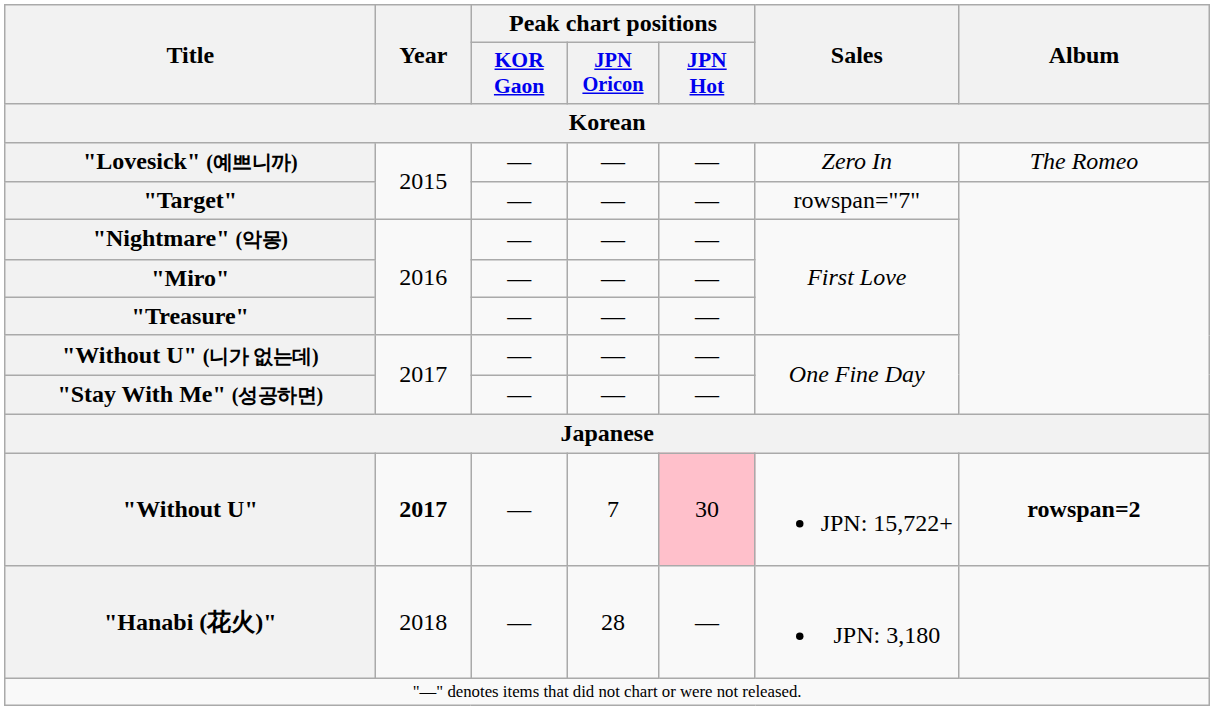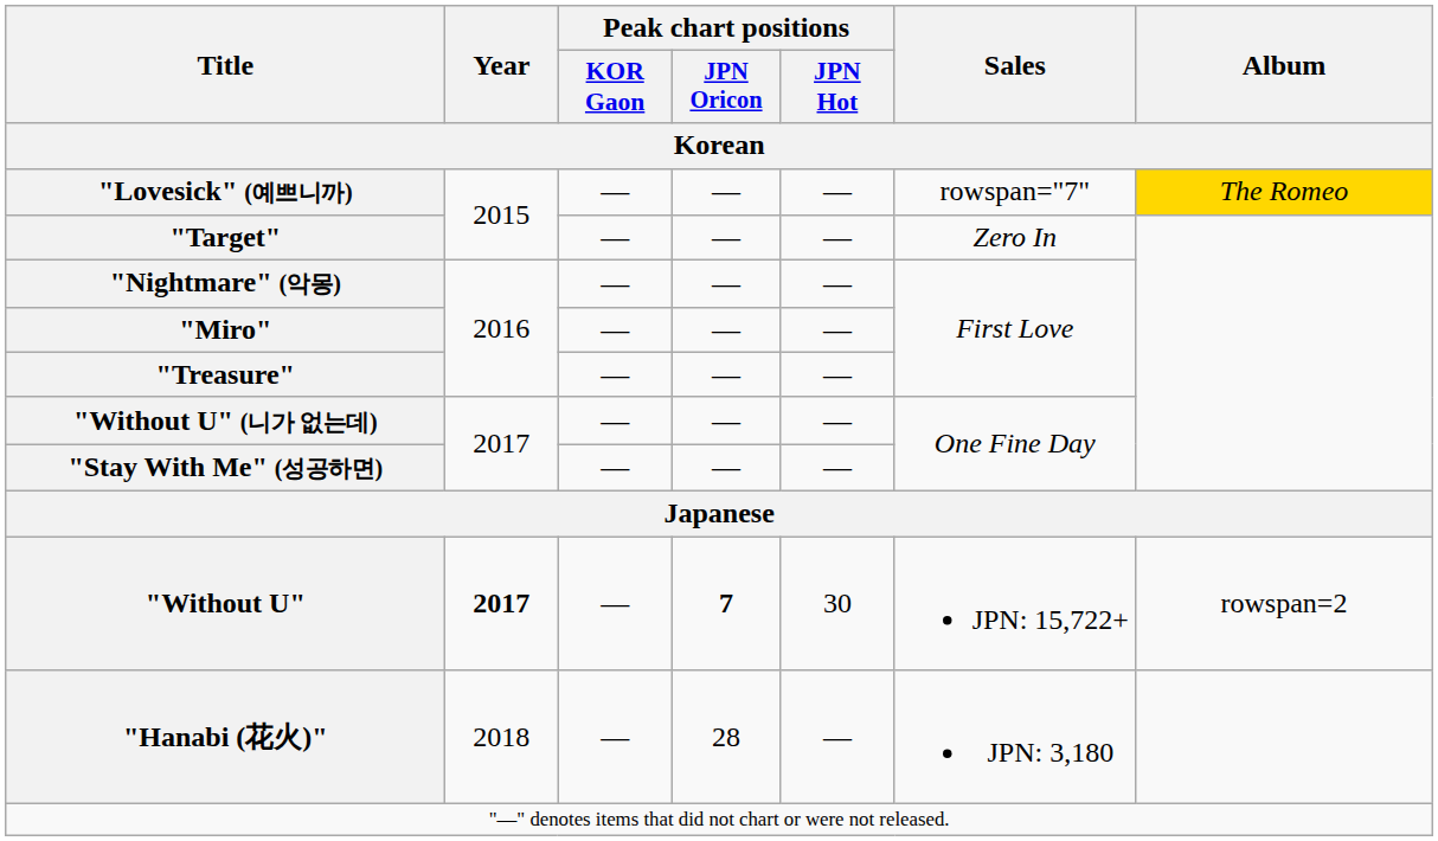 <table class="wikitable plainrowheaders" style="text-align:center;" border="1">
 <tr>
 <th scope="col" rowspan="2" style="width:15em;">Title</th>
 <th scope="col" rowspan="2" style="width: 3.5em;">Year</th>
 <th scope="col" colspan="3">Peak chart positions</th>
 <th scope="col" rowspan="2">Sales</th>
 <th scope="col" rowspan="2" style="width:10em;">Album</th>
 </tr>
 <tr>
 <th style="width:4em;font-size:90%"><a href='#'>KOR<br>Gaon</a></th>
 <th scope="col" style="width:4em;font-size:85%;"><a href='#'>JPN<br>Oricon</a></th>
 <th style="width:4em;font-size:90%"><a href='#'>JPN<br>Hot</a></th>
 </tr>
 <tr>
 <th colspan="8">Korean</th>
 </tr>
 <tr>
 <th scope="row">"Lovesick" <small>(예쁘니까)</small></th>
 <td rowspan="2">2015</td>
 <td>—</td>
 <td>—</td>
 <td>—</td>
-<td><em>Zero In</em></td>
-<td><em>The Romeo</em></td>
+<td>rowspan="7" </td>
+<td style="background: gold;"><em>The Romeo</em></td>
 </tr>
 <tr>
 <th scope="row">"Target"</th>
 <td>—</td>
 <td>—</td>
 <td>—</td>
-<td>rowspan="7" </td>
+<td><em>Zero In</em></td>
 </tr>
 <tr>
 <th scope="row">"Nightmare" <small>(악몽)</small></th>
 <td rowspan="3">2016</td>
 <td>—</td>
 <td>—</td>
 <td>—</td>
 <td rowspan="3"><em>First Love</em></td>
 </tr>
 <tr>
 <th scope="row">"Miro"</th>
 <td>—</td>
 <td>—</td>
 <td>—</td>
 </tr>
 <tr>
 <th scope="row">"Treasure"</th>
 <td>—</td>
 <td>—</td>
 <td>—</td>
 </tr>
 <tr>
 <th scope="row">"Without U" <small>(니가 없는데)</small></th>
 <td rowspan="2">2017</td>
 <td>—</td>
 <td>—</td>
 <td>—</td>
 <td rowspan="2"><em>One Fine Day</em></td>
 </tr>
 <tr>
 <th scope="row">"Stay With Me" <small>(성공하면)</small></th>
 <td>—</td>
 <td>—</td>
 <td>—</td>
 </tr>
 <tr>
 <th colspan="8">Japanese</th>
 </tr>
 <tr>
 <th scope="row">"Without U"</th>
 <td rowspan="1"><strong>2017</strong></td>
 <td>—</td>
-<td>7</td>
-<td style="background: pink;">30</td>
+<td><strong>7</strong></td>
+<td>30</td>
 <td><br><ul><li>JPN: 15,722+</li></ul></td>
-<td><strong>rowspan=2 </strong></td>
+<td>rowspan=2 </td>
 </tr>
 <tr>
 <th scope="row">"Hanabi (花火)"</th>
 <td rowspan="1">2018</td>
 <td>—</td>
 <td>28</td>
 <td>—</td>
 <td><br><ul><li>JPN: 3,180</li></ul></td>
 </tr>
 <tr>
 <td colspan="7" style="text-align:center; font-size:70%;">"—" denotes items that did not chart or were not released.</td>
 </tr>
 </table>
